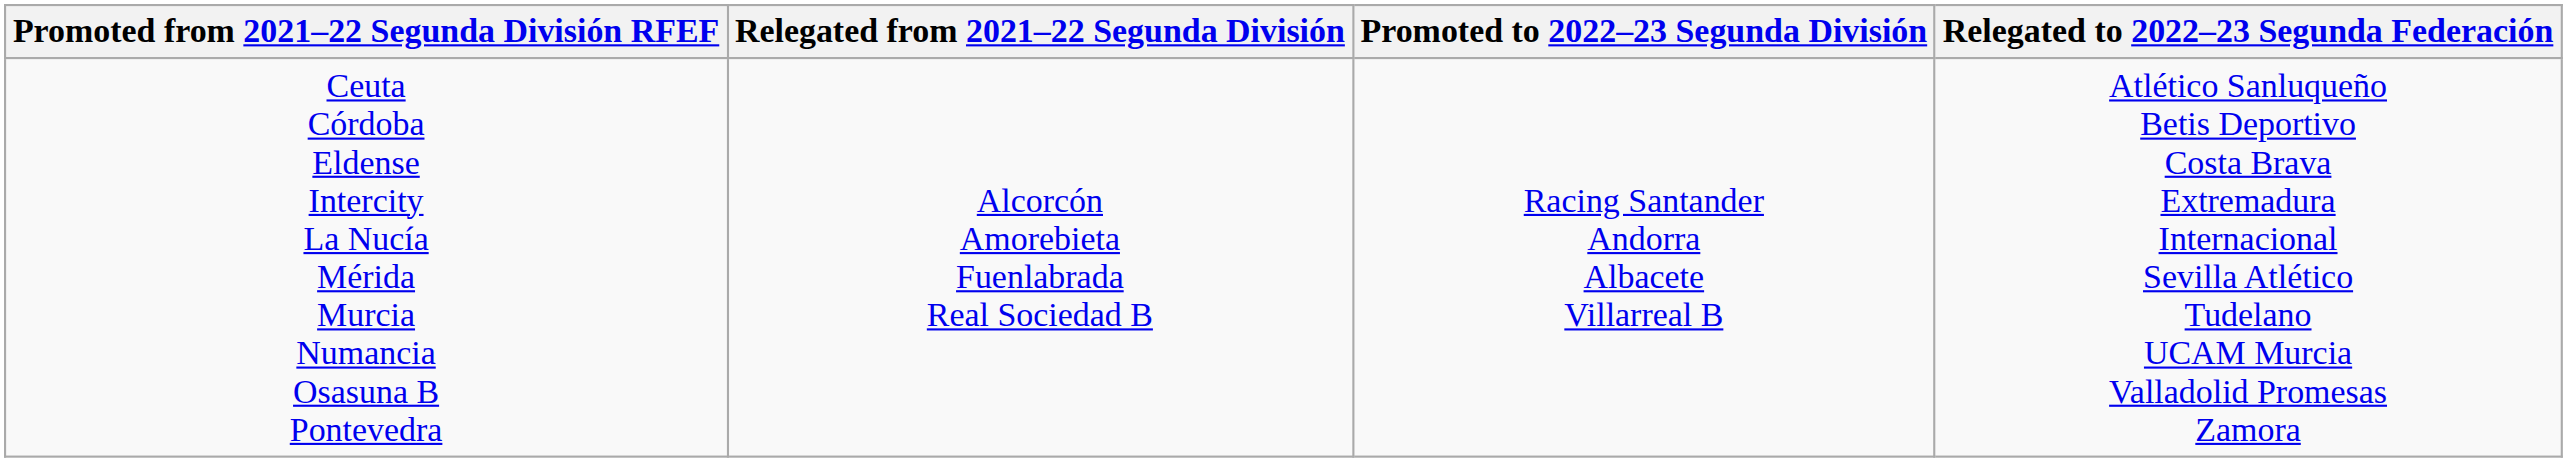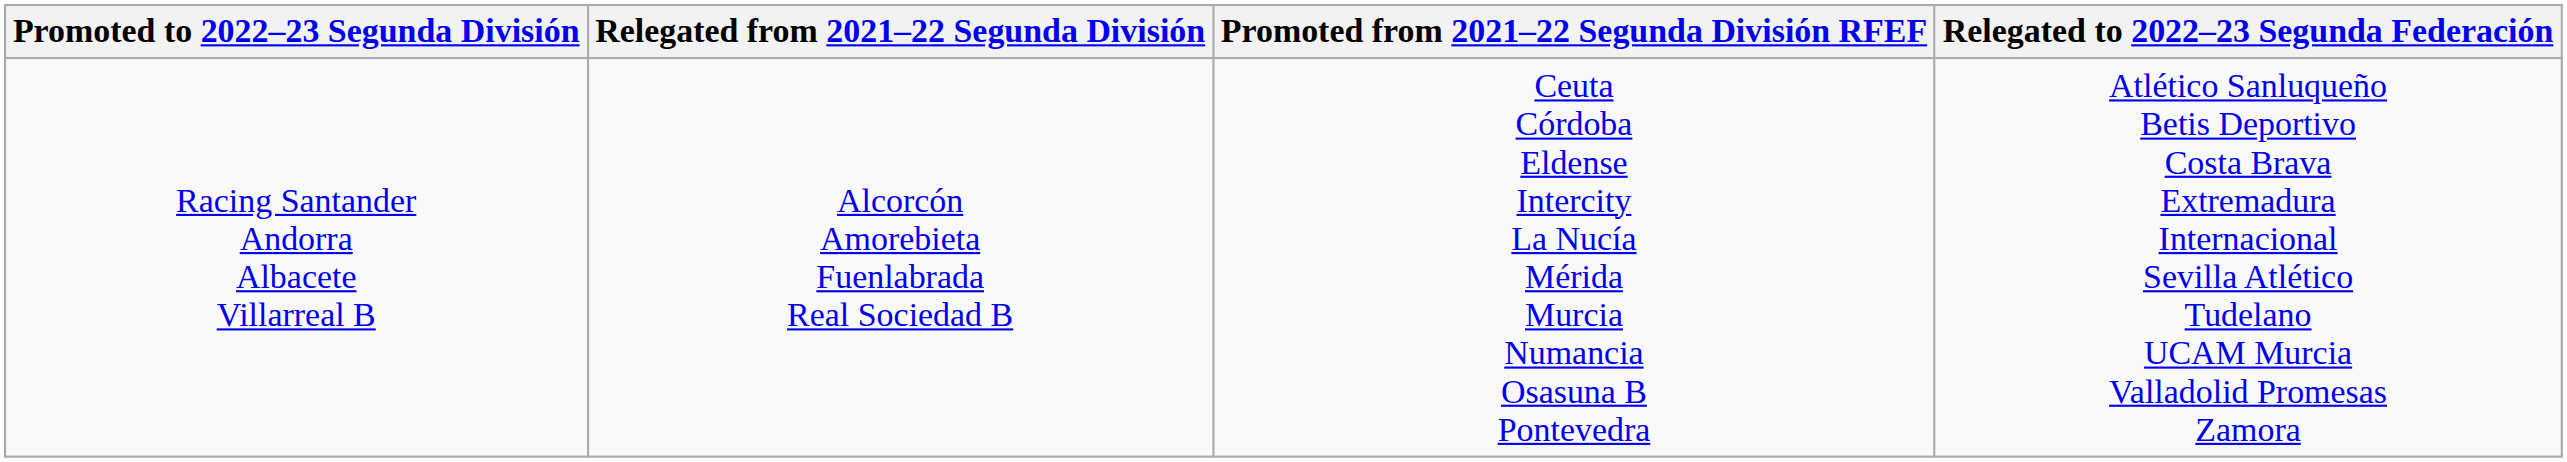 <table class="wikitable" style="text-align:center;">
 <tr>
+<th>Promoted to <a href='#'>2022–23 Segunda División</a></th>
+<th>Relegated from <a href='#'>2021–22 Segunda División</a></th>
 <th>Promoted from <a href='#'>2021–22 Segunda División RFEF</a></th>
-<th>Relegated from <a href='#'>2021–22 Segunda División</a></th>
-<th>Promoted to <a href='#'>2022–23 Segunda División</a></th>
 <th>Relegated to <a href='#'>2022–23 Segunda Federación</a></th>
 </tr>
 <tr>
+<td><a href='#'>Racing Santander</a> <br> <a href='#'>Andorra</a> <br> <a href='#'>Albacete</a> <br> <a href='#'>Villarreal B</a></td>
+<td><a href='#'>Alcorcón</a> <br> <a href='#'>Amorebieta</a> <br> <a href='#'>Fuenlabrada</a> <br> <a href='#'>Real Sociedad B</a></td>
 <td><a href='#'>Ceuta</a> <br> <a href='#'>Córdoba</a> <br> <a href='#'>Eldense</a> <br> <a href='#'>Intercity</a> <br> <a href='#'>La Nucía</a> <br> <a href='#'>Mérida</a><br> <a href='#'>Murcia</a> <br> <a href='#'>Numancia</a> <br> <a href='#'>Osasuna B</a> <br> <a href='#'>Pontevedra</a></td>
-<td><a href='#'>Alcorcón</a> <br> <a href='#'>Amorebieta</a> <br> <a href='#'>Fuenlabrada</a> <br> <a href='#'>Real Sociedad B</a></td>
-<td><a href='#'>Racing Santander</a> <br> <a href='#'>Andorra</a> <br> <a href='#'>Albacete</a> <br> <a href='#'>Villarreal B</a></td>
 <td><a href='#'>Atlético Sanluqueño</a> <br> <a href='#'>Betis Deportivo</a> <br> <a href='#'>Costa Brava</a> <br> <a href='#'>Extremadura</a>  <br> <a href='#'>Internacional</a>  <br> <a href='#'>Sevilla Atlético</a> <br> <a href='#'>Tudelano</a><br> <a href='#'>UCAM Murcia</a> <br> <a href='#'>Valladolid Promesas</a> <br> <a href='#'>Zamora</a></td>
 </tr>
 </table>
